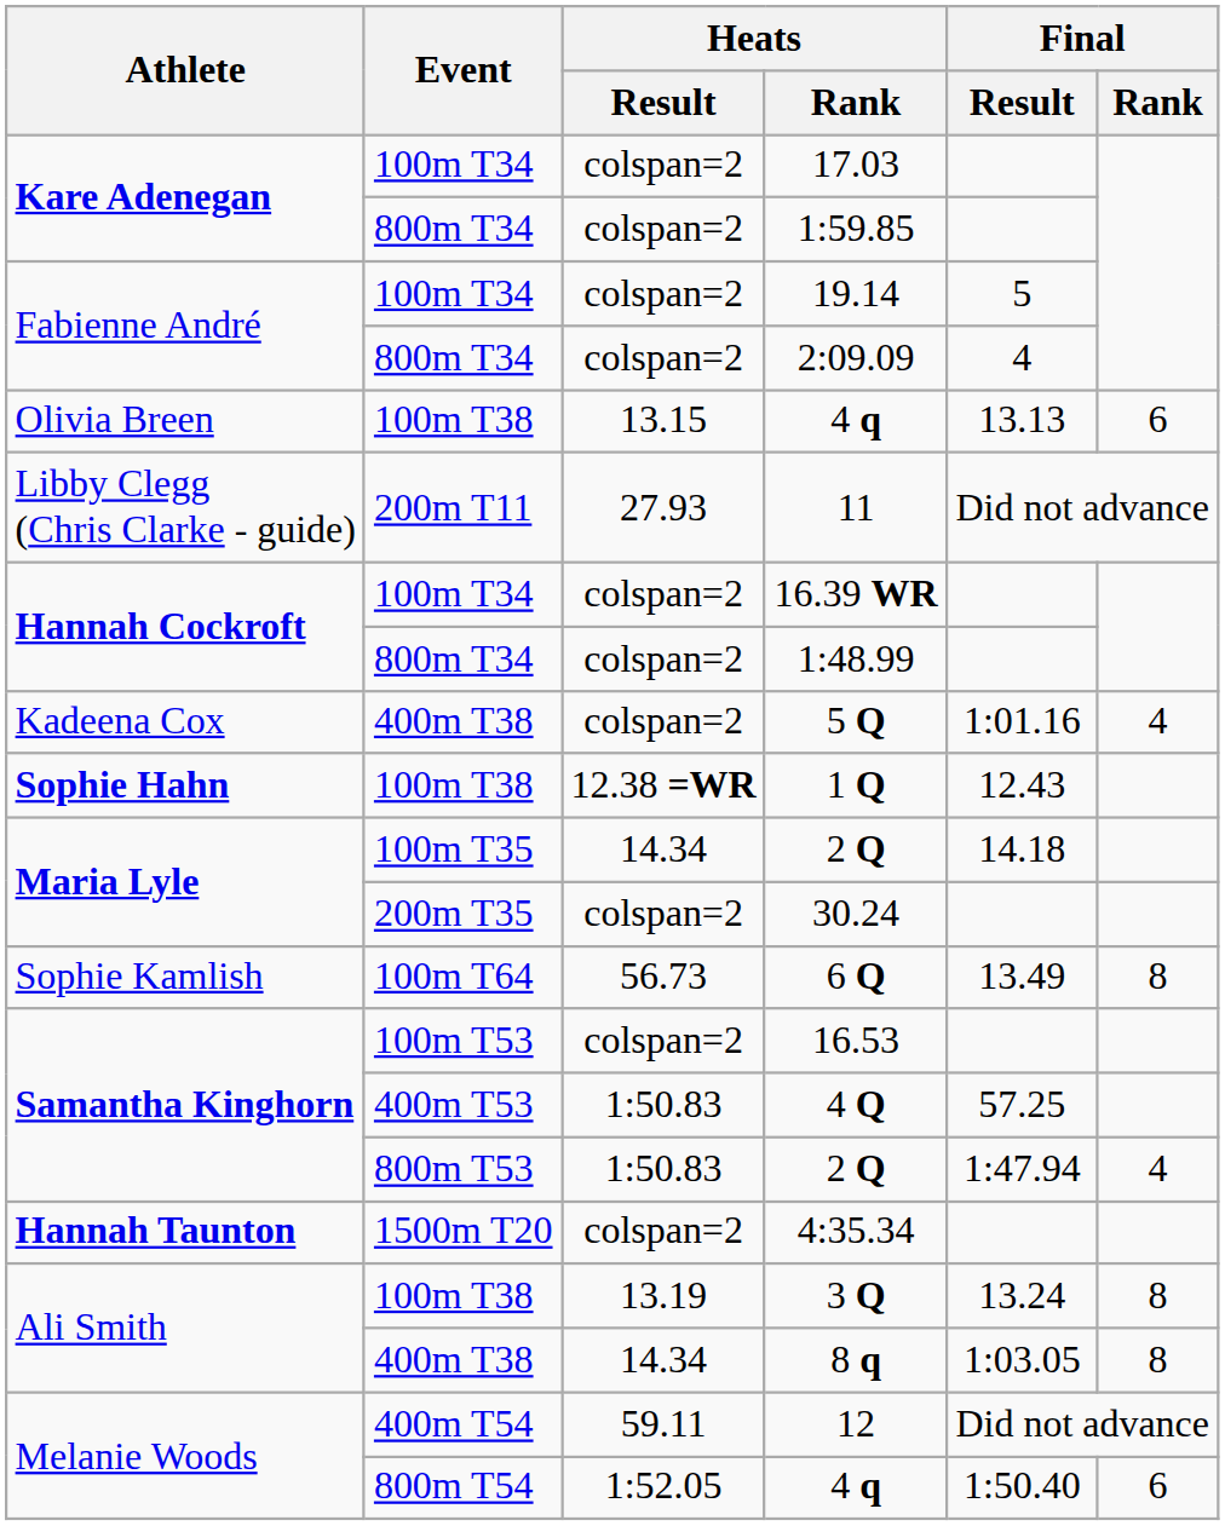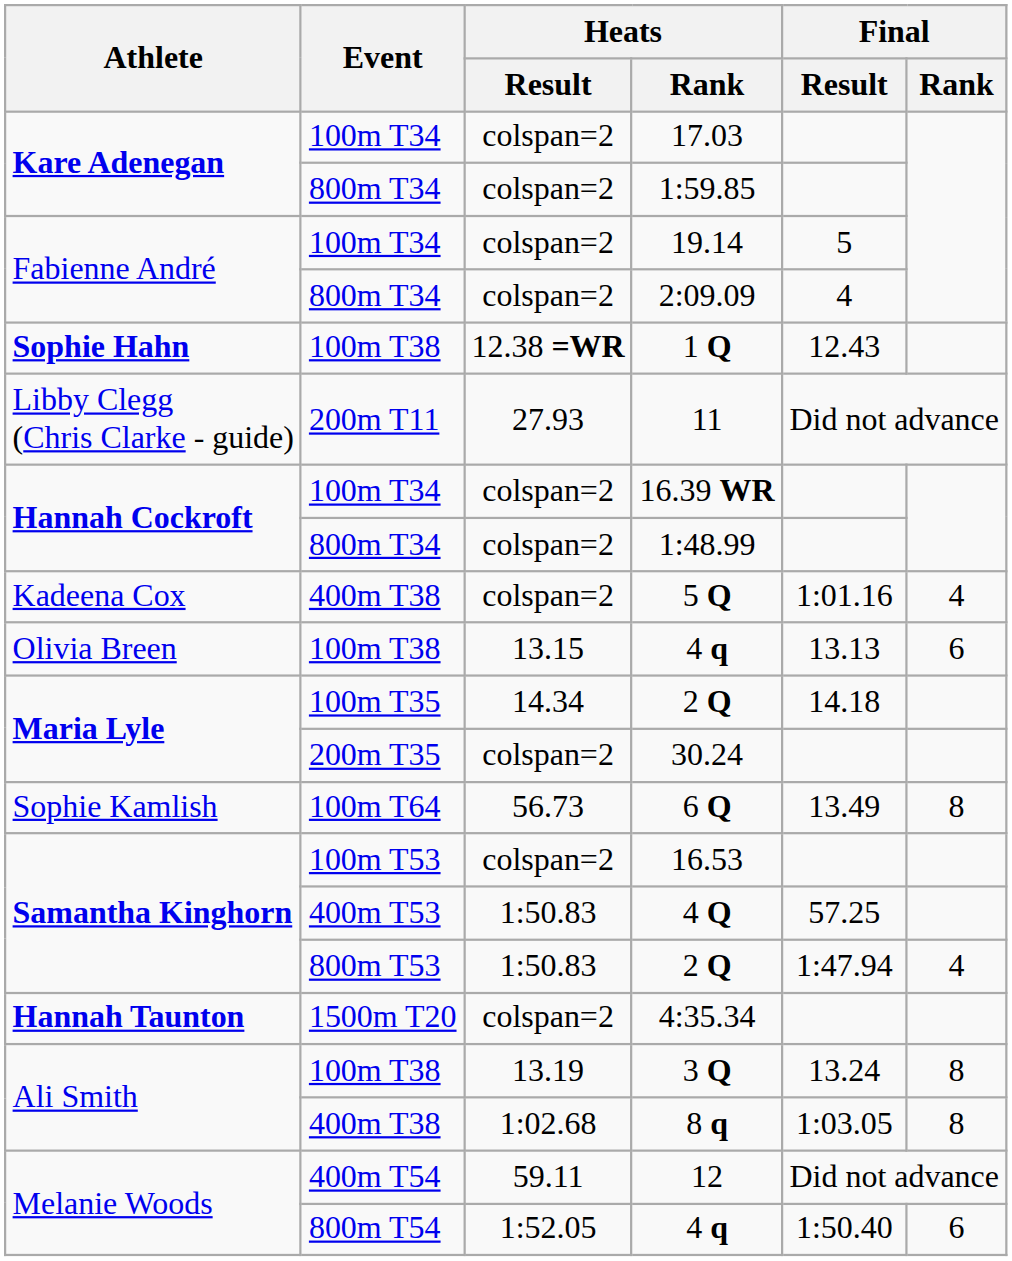 <table class=wikitable style="font-size:90%">
 <tr>
 <th rowspan="2">Athlete</th>
 <th rowspan="2">Event</th>
 <th colspan="2">Heats</th>
 <th colspan="2">Final</th>
 </tr>
 <tr>
 <th>Result</th>
 <th>Rank</th>
 <th>Result</th>
 <th>Rank</th>
 </tr>
 <tr align=center>
 <td rowspan=2 align=left><strong><a href='#'>Kare Adenegan</a></strong></td>
 <td align=left><a href='#'>100m T34</a></td>
 <td>colspan=2 </td>
 <td>17.03</td>
 <td></td>
 </tr>
 <tr align=center>
 <td align=left><a href='#'>800m T34</a></td>
 <td>colspan=2 </td>
 <td>1:59.85</td>
 <td></td>
 </tr>
 <tr align=center>
 <td align=left rowspan=2><a href='#'>Fabienne André</a></td>
 <td align=left><a href='#'>100m T34</a></td>
 <td>colspan=2 </td>
 <td>19.14</td>
 <td>5</td>
 </tr>
 <tr align=center>
 <td align=left><a href='#'>800m T34</a></td>
 <td>colspan=2 </td>
 <td>2:09.09</td>
 <td>4</td>
 </tr>
 <tr align=center>
-<td align=left><a href='#'>Olivia Breen</a></td>
+<td align=left><strong><a href='#'>Sophie Hahn</a></strong></td>
 <td align=left><a href='#'>100m T38</a></td>
-<td>13.15</td>
-<td>4 <strong>q</strong></td>
-<td>13.13</td>
-<td>6</td>
+<td>12.38 <strong>=WR</strong></td>
+<td>1 <strong>Q</strong></td>
+<td>12.43</td>
+<td></td>
 </tr>
 <tr align=center>
 <td align=left><a href='#'>Libby Clegg</a><br>(<a href='#'>Chris Clarke</a> - guide)</td>
 <td align=left><a href='#'>200m T11</a></td>
 <td>27.93</td>
 <td>11</td>
 <td colspan=2>Did not advance</td>
 </tr>
 <tr align=center>
 <td align=left rowspan=2><strong><a href='#'>Hannah Cockroft</a></strong></td>
 <td align=left><a href='#'>100m T34</a></td>
 <td>colspan=2 </td>
 <td>16.39 <strong>WR</strong></td>
 <td></td>
 </tr>
 <tr align=center>
 <td align=left><a href='#'>800m T34</a></td>
 <td>colspan=2 </td>
 <td>1:48.99</td>
 <td></td>
 </tr>
 <tr align=center>
 <td align=left><a href='#'>Kadeena Cox</a></td>
 <td align=left><a href='#'>400m T38</a></td>
 <td>colspan=2 </td>
 <td>5 <strong>Q</strong></td>
 <td>1:01.16</td>
 <td>4</td>
 </tr>
 <tr align=center>
-<td align=left><strong><a href='#'>Sophie Hahn</a></strong></td>
+<td align=left><a href='#'>Olivia Breen</a></td>
 <td align=left><a href='#'>100m T38</a></td>
-<td>12.38 <strong>=WR</strong></td>
-<td>1 <strong>Q</strong></td>
-<td>12.43</td>
-<td></td>
+<td>13.15</td>
+<td>4 <strong>q</strong></td>
+<td>13.13</td>
+<td>6</td>
 </tr>
 <tr align=center>
 <td align=left rowspan=2><strong><a href='#'>Maria Lyle</a></strong></td>
 <td align=left><a href='#'>100m T35</a></td>
 <td>14.34</td>
 <td>2 <strong>Q</strong></td>
 <td>14.18</td>
 <td></td>
 </tr>
 <tr align=center>
 <td align=left><a href='#'>200m T35</a></td>
 <td>colspan=2 </td>
 <td>30.24</td>
 <td></td>
 </tr>
 <tr align=center>
 <td align=left><a href='#'>Sophie Kamlish</a></td>
 <td align=left><a href='#'>100m T64</a></td>
 <td>56.73</td>
 <td>6 <strong>Q</strong></td>
 <td>13.49</td>
 <td>8</td>
 </tr>
 <tr align=center>
 <td align=left rowspan=3><strong><a href='#'>Samantha Kinghorn</a></strong></td>
 <td align=left><a href='#'>100m T53</a></td>
 <td>colspan=2 </td>
 <td>16.53</td>
 <td></td>
 </tr>
 <tr align=center>
 <td align=left><a href='#'>400m T53</a></td>
 <td>1:50.83</td>
 <td>4 <strong>Q</strong></td>
 <td>57.25</td>
 <td></td>
 </tr>
 <tr align=center>
 <td align=left><a href='#'>800m T53</a></td>
 <td>1:50.83</td>
 <td>2 <strong>Q</strong></td>
 <td>1:47.94</td>
 <td>4</td>
 </tr>
 <tr align=center>
 <td align=left><strong><a href='#'>Hannah Taunton</a></strong></td>
 <td align=left><a href='#'>1500m T20</a></td>
 <td>colspan=2 </td>
 <td>4:35.34</td>
 <td></td>
 </tr>
 <tr align=center>
 <td align=left rowspan=2><a href='#'>Ali Smith</a></td>
 <td align=left><a href='#'>100m T38</a></td>
 <td>13.19</td>
 <td>3 <strong>Q</strong></td>
 <td>13.24</td>
 <td>8</td>
 </tr>
 <tr align=center>
 <td align=left><a href='#'>400m T38</a></td>
-<td>14.34</td>
+<td>1:02.68</td>
 <td>8 <strong>q</strong></td>
 <td>1:03.05</td>
 <td>8</td>
 </tr>
 <tr align=center>
 <td align=left rowspan=2><a href='#'>Melanie Woods</a></td>
 <td align=left><a href='#'>400m T54</a></td>
 <td>59.11</td>
 <td>12</td>
 <td colspan=2>Did not advance</td>
 </tr>
 <tr align=center>
 <td align=left><a href='#'>800m T54</a></td>
 <td>1:52.05</td>
 <td>4 <strong>q</strong></td>
 <td>1:50.40</td>
 <td>6</td>
 </tr>
 </table>
